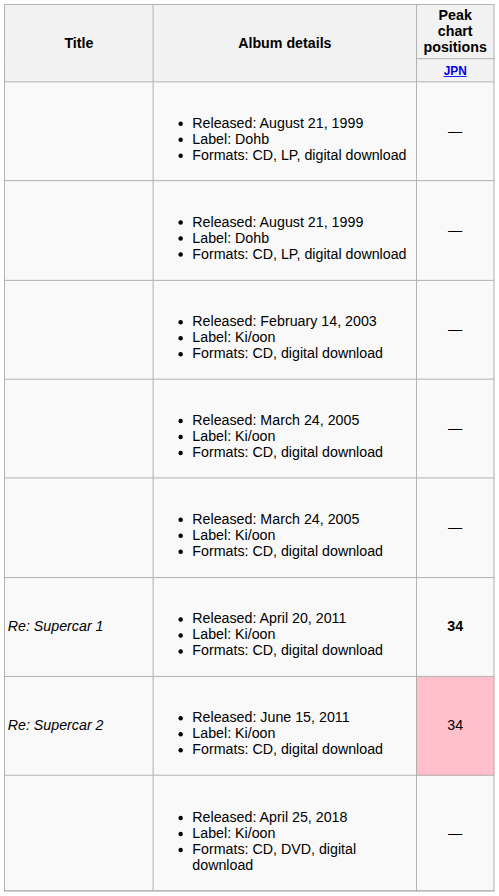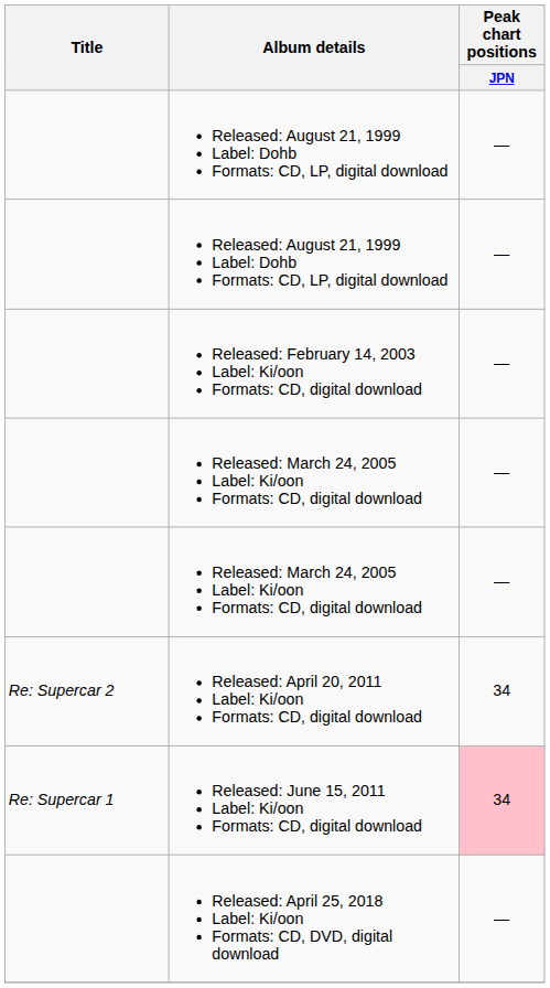 <table class="wikitable">
 <tr>
 <th scope="col" rowspan="2" style="width:10em;">Title</th>
 <th scope="col" rowspan="2" style="width:18em;">Album details</th>
 <th scope="col" colspan="1" style="width:5em;">Peak chart<br>positions</th>
 </tr>
 <tr>
 <th scope="col" style="text-align:center;"><small><a href='#'>JPN</a></small><br></th>
 </tr>
 <tr>
 <td scope="row"><em></em></td>
 <td><br><ul><li>Released: August 21, 1999</li><li>Label: Dohb</li><li>Formats: CD, LP, digital download</li></ul></td>
 <td align="center">—</td>
 </tr>
 <tr>
 <td scope="row"><em></em></td>
 <td><br><ul><li>Released: August 21, 1999</li><li>Label: Dohb</li><li>Formats: CD, LP, digital download</li></ul></td>
 <td align="center">—</td>
 </tr>
 <tr>
 <td scope="row"><em></em></td>
 <td><br><ul><li>Released: February 14, 2003</li><li>Label: Ki/oon</li><li>Formats: CD, digital download</li></ul></td>
 <td align="center">—</td>
 </tr>
 <tr>
 <td scope="row"><em></em></td>
 <td><br><ul><li>Released: March 24, 2005</li><li>Label: Ki/oon</li><li>Formats: CD, digital download</li></ul></td>
 <td align="center">—</td>
 </tr>
 <tr>
 <td scope="row"><em></em></td>
 <td><br><ul><li>Released: March 24, 2005</li><li>Label: Ki/oon</li><li>Formats: CD, digital download</li></ul></td>
 <td align="center">—</td>
 </tr>
 <tr>
-<td scope="row"><em>Re: Supercar 1</em></td>
+<td scope="row"><em>Re: Supercar 2</em></td>
 <td><br><ul><li>Released: April 20, 2011</li><li>Label: Ki/oon</li><li>Formats: CD, digital download</li></ul></td>
-<td align="center"><strong>34</strong></td>
+<td align="center">34</td>
 </tr>
 <tr>
-<td scope="row"><em>Re: Supercar 2</em></td>
+<td scope="row"><em>Re: Supercar 1</em></td>
 <td><br><ul><li>Released: June 15, 2011</li><li>Label: Ki/oon</li><li>Formats: CD, digital download</li></ul></td>
 <td align="center" style="background: pink;">34</td>
 </tr>
 <tr>
 <td scope="row"><em></em></td>
 <td><br><ul><li>Released: April 25, 2018</li><li>Label: Ki/oon</li><li>Formats: CD, DVD, digital download</li></ul></td>
 <td align="center">—</td>
 </tr>
 <tr>
 </tr>
 </table>
